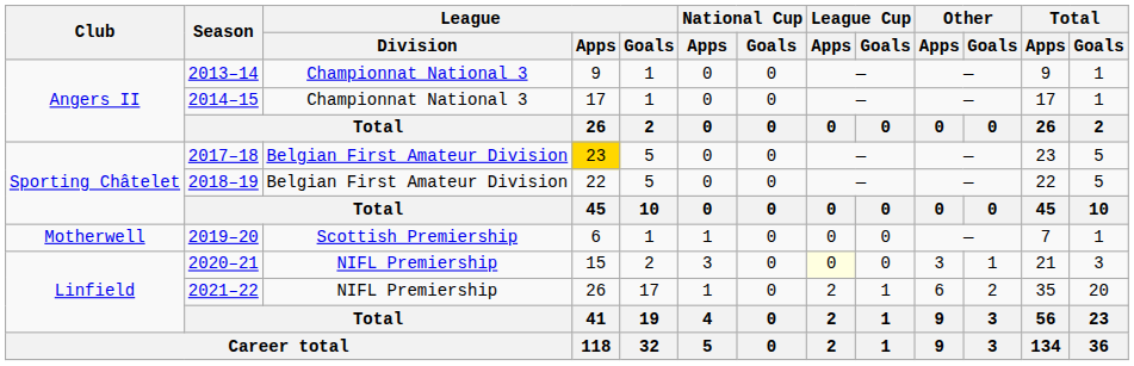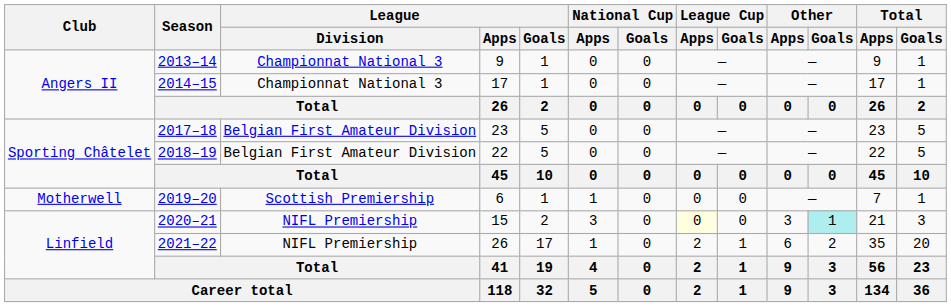 <table class="wikitable" style="text-align: center">
 <tr>
 <th rowspan="2">Club</th>
 <th rowspan="2">Season</th>
 <th colspan="3">League</th>
 <th colspan="2">National Cup</th>
 <th colspan="2">League Cup</th>
 <th colspan="2">Other</th>
 <th colspan="2">Total</th>
 </tr>
 <tr>
 <th>Division</th>
 <th>Apps</th>
 <th>Goals</th>
 <th>Apps</th>
 <th>Goals</th>
 <th>Apps</th>
 <th>Goals</th>
 <th>Apps</th>
 <th>Goals</th>
 <th>Apps</th>
 <th>Goals</th>
 </tr>
 <tr>
 <td rowspan="3"><a href='#'>Angers II</a></td>
 <td><a href='#'>2013–14</a></td>
 <td><a href='#'>Championnat National 3</a></td>
 <td>9</td>
 <td>1</td>
 <td>0</td>
 <td>0</td>
 <td colspan="2">—</td>
 <td colspan="2">—</td>
 <td>9</td>
 <td>1</td>
 </tr>
 <tr>
 <td><a href='#'>2014–15</a></td>
 <td>Championnat National 3</td>
 <td>17</td>
 <td>1</td>
 <td>0</td>
 <td>0</td>
 <td colspan="2">—</td>
 <td colspan="2">—</td>
 <td>17</td>
 <td>1</td>
 </tr>
 <tr>
 <th colspan="2">Total</th>
 <th>26</th>
 <th>2</th>
 <th>0</th>
 <th>0</th>
 <th>0</th>
 <th>0</th>
 <th>0</th>
 <th>0</th>
 <th>26</th>
 <th>2</th>
 </tr>
 <tr>
 <td rowspan="3"><a href='#'>Sporting Châtelet</a></td>
 <td><a href='#'>2017–18</a></td>
 <td><a href='#'>Belgian First Amateur Division</a></td>
-<td style="background: gold;">23</td>
+<td>23</td>
 <td>5</td>
 <td>0</td>
 <td>0</td>
 <td colspan="2">—</td>
 <td colspan="2">—</td>
 <td>23</td>
 <td>5</td>
 </tr>
 <tr>
 <td><a href='#'>2018–19</a></td>
 <td>Belgian First Amateur Division</td>
 <td>22</td>
 <td>5</td>
 <td>0</td>
 <td>0</td>
 <td colspan="2">—</td>
 <td colspan="2">—</td>
 <td>22</td>
 <td>5</td>
 </tr>
 <tr>
 <th colspan="2">Total</th>
 <th>45</th>
 <th>10</th>
 <th>0</th>
 <th>0</th>
 <th>0</th>
 <th>0</th>
 <th>0</th>
 <th>0</th>
 <th>45</th>
 <th>10</th>
 </tr>
 <tr>
 <td><a href='#'>Motherwell</a></td>
 <td><a href='#'>2019–20</a></td>
 <td><a href='#'>Scottish Premiership</a></td>
 <td>6</td>
 <td>1</td>
 <td>1</td>
 <td>0</td>
 <td>0</td>
 <td>0</td>
 <td colspan=2>—</td>
 <td>7</td>
 <td>1</td>
 </tr>
 <tr>
 <td rowspan="3"><a href='#'>Linfield</a></td>
 <td><a href='#'>2020–21</a></td>
 <td><a href='#'>NIFL Premiership</a></td>
 <td>15</td>
 <td>2</td>
 <td>3</td>
 <td>0</td>
 <td style="background: lightyellow;">0</td>
 <td>0</td>
 <td>3</td>
-<td>1</td>
+<td style="background: paleturquoise;">1</td>
 <td>21</td>
 <td>3</td>
 </tr>
 <tr>
 <td><a href='#'>2021–22</a></td>
 <td>NIFL Premiership</td>
 <td>26</td>
 <td>17</td>
 <td>1</td>
 <td>0</td>
 <td>2</td>
 <td>1</td>
 <td>6</td>
 <td>2</td>
 <td>35</td>
 <td>20</td>
 </tr>
 <tr>
 <th colspan="2">Total</th>
 <th>41</th>
 <th>19</th>
 <th>4</th>
 <th>0</th>
 <th>2</th>
 <th>1</th>
 <th>9</th>
 <th>3</th>
 <th>56</th>
 <th>23</th>
 </tr>
 <tr>
 <th colspan="3">Career total</th>
 <th>118</th>
 <th>32</th>
 <th>5</th>
 <th>0</th>
 <th>2</th>
 <th>1</th>
 <th>9</th>
 <th>3</th>
 <th>134</th>
 <th>36</th>
 </tr>
 </table>
